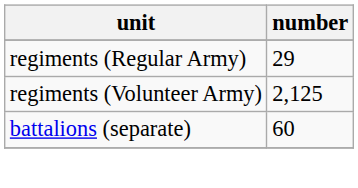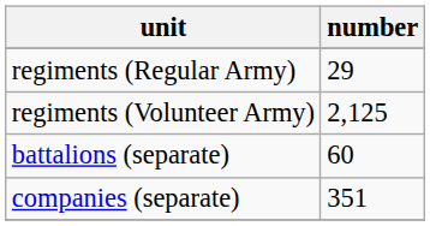 <table class="wikitable" style="display: inline-table;">
 <tr>
 <th><strong>unit</strong></th>
 <th><strong>number</strong></th>
 </tr>
 <tr>
 </tr>
 <tr>
 <td>regiments (Regular Army)</td>
 <td>29</td>
 </tr>
 <tr>
 <td>regiments (Volunteer Army)</td>
 <td>2,125</td>
 </tr>
 <tr>
 <td><a href='#'>battalions</a> (separate)</td>
 <td>60</td>
 </tr>
 <tr>
+<td><a href='#'>companies</a> (separate)</td>
+<td>351</td>
+</tr>
+<tr>
 </tr>
 </table>
